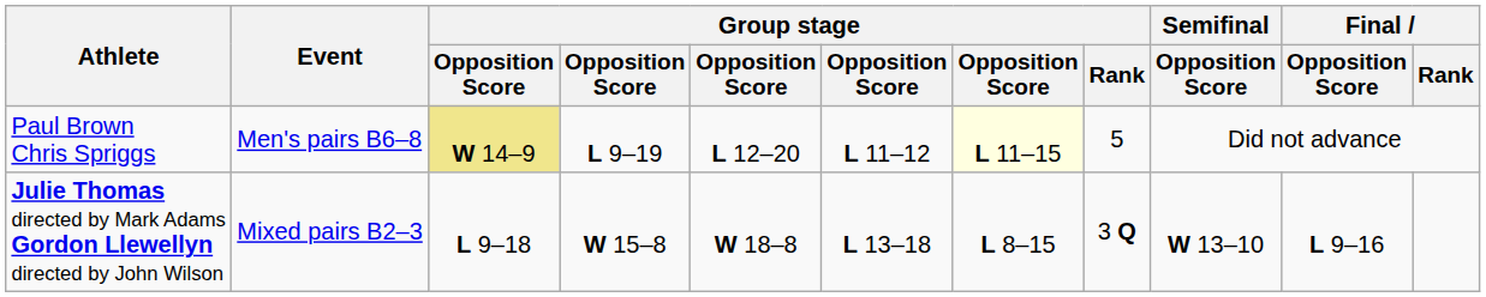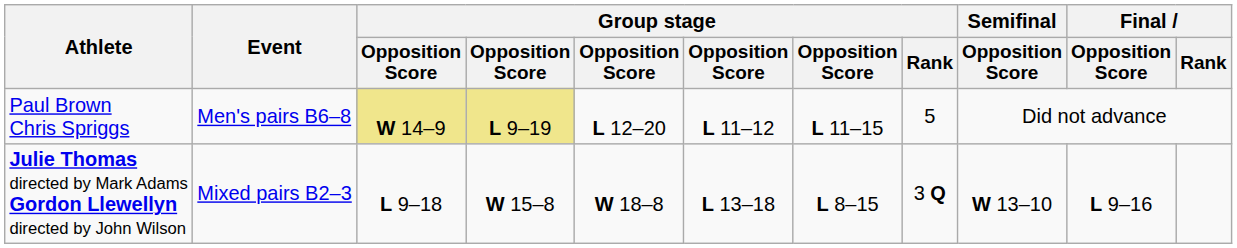 <table class="wikitable" style="font-size:88%; text-align:center">
 <tr>
 <th rowspan=2>Athlete</th>
 <th rowspan=2>Event</th>
 <th colspan=6>Group stage</th>
 <th>Semifinal</th>
 <th colspan=2>Final / </th>
 </tr>
 <tr style="font-size:95%">
 <th>Opposition<br>Score</th>
 <th>Opposition<br>Score</th>
 <th>Opposition<br>Score</th>
 <th>Opposition<br>Score</th>
 <th>Opposition<br>Score</th>
 <th>Rank</th>
 <th>Opposition<br>Score</th>
 <th>Opposition<br>Score</th>
 <th>Rank</th>
 </tr>
 <tr>
 <td align=left><a href='#'>Paul Brown</a><br><a href='#'>Chris Spriggs</a></td>
 <td align=left><a href='#'>Men's pairs B6–8</a></td>
 <td style="background: khaki;"><br><strong>W</strong> 14–9</td>
-<td><br><strong>L</strong> 9–19</td>
+<td style="background: khaki;"><br><strong>L</strong> 9–19</td>
 <td><br><strong>L</strong> 12–20</td>
 <td><br><strong>L</strong> 11–12</td>
-<td style="background: lightyellow;"><br><strong>L</strong> 11–15</td>
+<td><br><strong>L</strong> 11–15</td>
 <td>5</td>
 <td colspan=3>Did not advance</td>
 </tr>
 <tr>
 <td align=left><strong><a href='#'>Julie Thomas</a></strong><br><small>directed by Mark Adams</small><br><strong><a href='#'>Gordon Llewellyn</a></strong><br><small>directed by John Wilson</small></td>
 <td align=left><a href='#'>Mixed pairs B2–3</a></td>
 <td><br><strong>L</strong> 9–18</td>
 <td><br><strong>W</strong> 15–8</td>
 <td><br><strong>W</strong> 18–8</td>
 <td><br><strong>L</strong> 13–18</td>
 <td><br><strong>L</strong> 8–15</td>
 <td>3 <strong>Q</strong></td>
 <td><br><strong>W</strong> 13–10</td>
 <td><br><strong>L</strong> 9–16</td>
 <td></td>
 </tr>
 </table>
